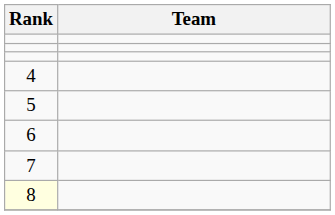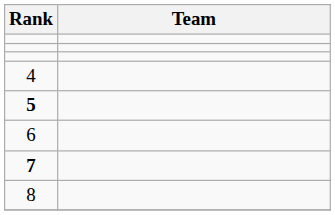 <table class="wikitable">
 <tr>
 <th>Rank</th>
 <th style="width:14em">Team</th>
 </tr>
 <tr>
 <td align=center></td>
 <td></td>
 </tr>
 <tr>
 <td align=center></td>
 <td></td>
 </tr>
 <tr>
 <td align=center></td>
 <td></td>
 </tr>
 <tr>
 <td align=center>4</td>
 <td></td>
 </tr>
 <tr>
-<td align=center>5</td>
+<td align=center><strong>5</strong></td>
 <td></td>
 </tr>
 <tr>
 <td align=center>6</td>
 <td></td>
 </tr>
 <tr>
-<td align=center>7</td>
+<td align=center><strong>7</strong></td>
 <td></td>
 </tr>
 <tr>
-<td align=center style="background: lightyellow;">8</td>
+<td align=center>8</td>
 <td></td>
 </tr>
 <tr>
 </tr>
 </table>
